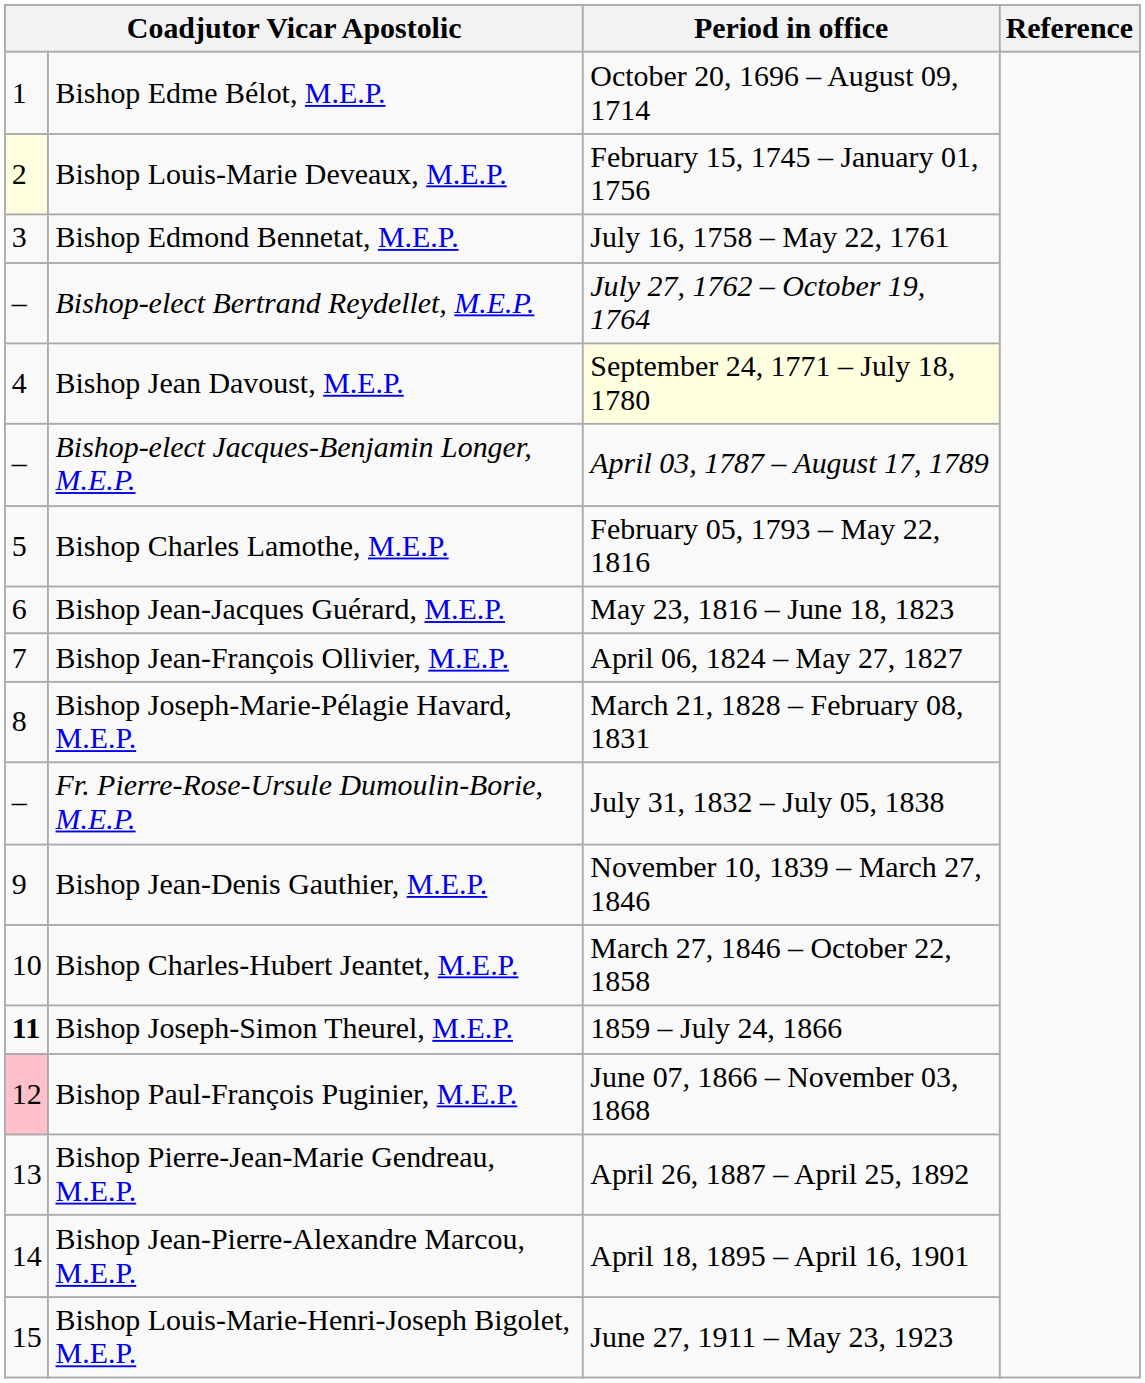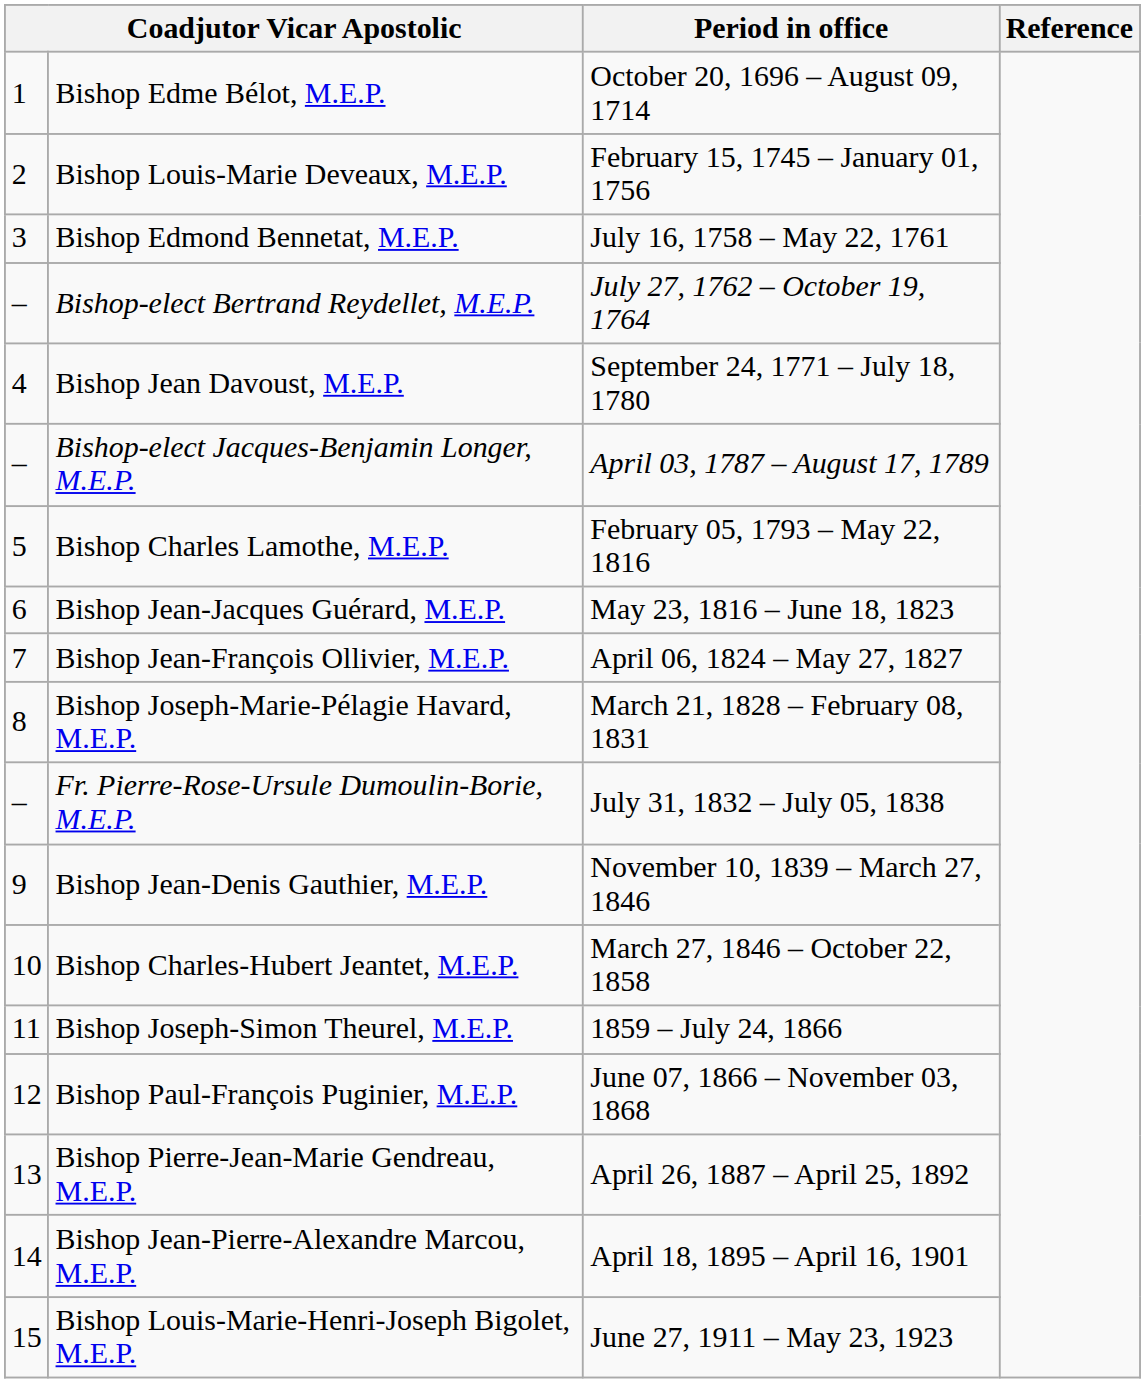 <table class="wikitable">
 <tr>
 <th colspan="2">Coadjutor Vicar Apostolic</th>
 <th>Period in office</th>
 <th>Reference</th>
 </tr>
 <tr>
 <td>1</td>
 <td>Bishop Edme Bélot, <a href='#'>M.E.P.</a></td>
 <td>October 20, 1696 – August 09, 1714</td>
 <td rowspan=18></td>
 </tr>
 <tr>
-<td style="background: lightyellow;">2</td>
+<td>2</td>
 <td>Bishop Louis-Marie Deveaux, <a href='#'>M.E.P.</a></td>
 <td>February 15, 1745 – January 01, 1756</td>
 </tr>
 <tr>
 <td>3</td>
 <td>Bishop Edmond Bennetat, <a href='#'>M.E.P.</a></td>
 <td>July 16, 1758 – May 22, 1761</td>
 </tr>
 <tr>
 <td>–</td>
 <td><em>Bishop-elect Bertrand Reydellet, <a href='#'>M.E.P.</a></em></td>
 <td><em>July 27, 1762 – October 19, 1764</em></td>
 </tr>
 <tr>
 <td>4</td>
 <td>Bishop Jean Davoust, <a href='#'>M.E.P.</a></td>
-<td style="background: lightyellow;">September 24, 1771 – July 18, 1780</td>
+<td>September 24, 1771 – July 18, 1780</td>
 </tr>
 <tr>
 <td>–</td>
 <td><em>Bishop-elect Jacques-Benjamin Longer, <a href='#'>M.E.P.</a></em></td>
 <td><em>April 03, 1787 – August 17, 1789</em></td>
 </tr>
 <tr>
 <td>5</td>
 <td>Bishop Charles Lamothe, <a href='#'>M.E.P.</a></td>
 <td>February 05, 1793 – May 22, 1816</td>
 </tr>
 <tr>
 <td>6</td>
 <td>Bishop Jean-Jacques Guérard, <a href='#'>M.E.P.</a></td>
 <td>May 23, 1816 – June 18, 1823</td>
 </tr>
 <tr>
 <td>7</td>
 <td>Bishop Jean-François Ollivier, <a href='#'>M.E.P.</a></td>
 <td>April 06, 1824 – May 27, 1827</td>
 </tr>
 <tr>
 <td>8</td>
 <td>Bishop Joseph-Marie-Pélagie Havard, <a href='#'>M.E.P.</a></td>
 <td>March 21, 1828 – February 08, 1831</td>
 </tr>
 <tr>
 <td>–</td>
 <td><em>Fr. Pierre-Rose-Ursule Dumoulin-Borie, <a href='#'>M.E.P.</a></em></td>
 <td>July 31, 1832 – July 05, 1838</td>
 </tr>
 <tr>
 <td>9</td>
 <td>Bishop Jean-Denis Gauthier, <a href='#'>M.E.P.</a></td>
 <td>November 10, 1839 – March 27, 1846</td>
 </tr>
 <tr>
 <td>10</td>
 <td>Bishop Charles-Hubert Jeantet, <a href='#'>M.E.P.</a></td>
 <td>March 27, 1846 – October 22, 1858</td>
 </tr>
 <tr>
-<td><strong>11</strong></td>
+<td>11</td>
 <td>Bishop Joseph-Simon Theurel, <a href='#'>M.E.P.</a></td>
 <td>1859 – July 24, 1866</td>
 </tr>
 <tr>
-<td style="background: pink;">12</td>
+<td>12</td>
 <td>Bishop Paul-François Puginier, <a href='#'>M.E.P.</a></td>
 <td>June 07, 1866 – November 03, 1868</td>
 </tr>
 <tr>
 <td>13</td>
 <td>Bishop Pierre-Jean-Marie Gendreau, <a href='#'>M.E.P.</a></td>
 <td>April 26, 1887 – April 25, 1892</td>
 </tr>
 <tr>
 <td>14</td>
 <td>Bishop Jean-Pierre-Alexandre Marcou, <a href='#'>M.E.P.</a></td>
 <td>April 18, 1895 – April 16, 1901</td>
 </tr>
 <tr>
 <td>15</td>
 <td>Bishop Louis-Marie-Henri-Joseph Bigolet, <a href='#'>M.E.P.</a></td>
 <td>June 27, 1911 – May 23, 1923</td>
 </tr>
 </table>
